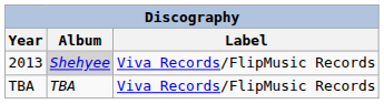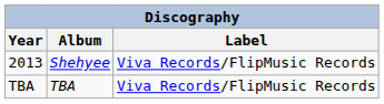 <table class="wikitable">
 <tr>
 <th colspan="4" style="background:LightSteelBlue;">Discography</th>
 </tr>
 <tr>
 <th>Year</th>
 <th>Album</th>
 <th>Label</th>
 </tr>
 <tr>
 <td>2013</td>
-<td style="background: lightgrey;"><em><a href='#'>Shehyee</a></em></td>
+<td><em><a href='#'>Shehyee</a></em></td>
 <td><a href='#'>Viva Records</a>/FlipMusic Records</td>
 </tr>
 <tr>
 <td>TBA</td>
 <td><em>TBA</em></td>
 <td><a href='#'>Viva Records</a>/FlipMusic Records</td>
 </tr>
 </table>
